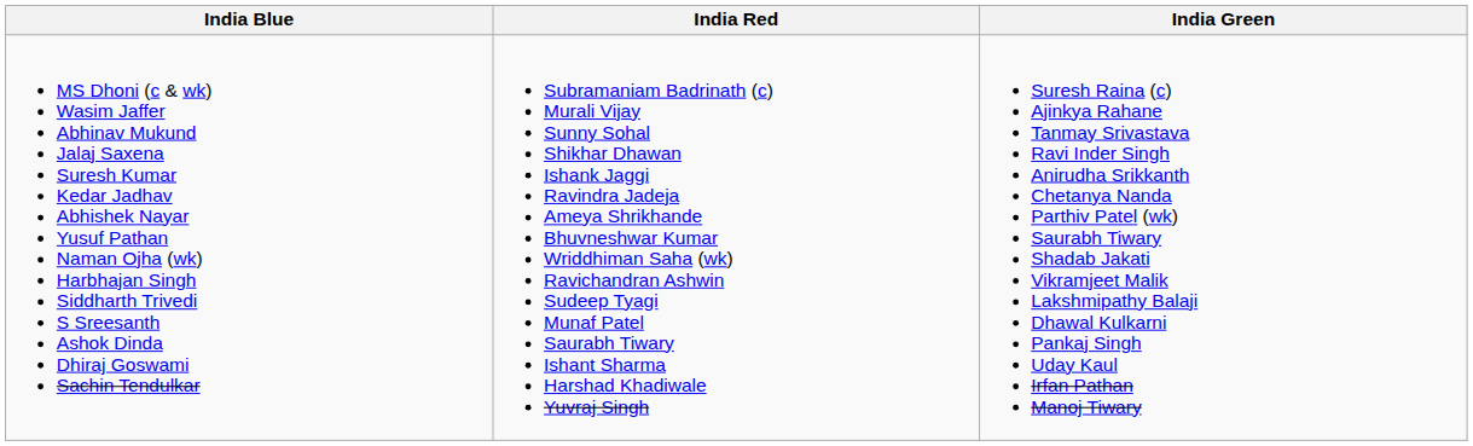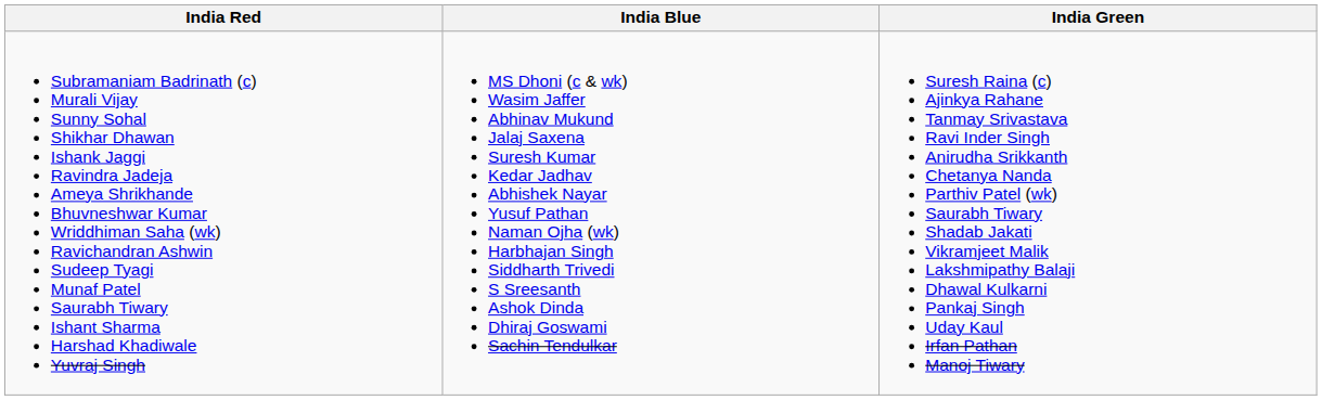 <table class="wikitable">
 <tr>
+<th style="width:15%;"> India Red </th>
 <th style="width:15%;"> India Blue </th>
-<th style="width:15%;"> India Red </th>
 <th style="width:15%;"> India Green </th>
 </tr>
 <tr style="vertical-align:top">
+<td><br><ul><li><a href='#'>Subramaniam Badrinath</a> (<a href='#'>c</a>)</li><li><a href='#'>Murali Vijay</a></li><li><a href='#'>Sunny Sohal</a></li><li><a href='#'>Shikhar Dhawan</a></li><li><a href='#'>Ishank Jaggi</a></li><li><a href='#'>Ravindra Jadeja</a></li><li><a href='#'>Ameya Shrikhande</a></li><li><a href='#'>Bhuvneshwar Kumar</a></li><li><a href='#'>Wriddhiman Saha</a> (<a href='#'>wk</a>)</li><li><a href='#'>Ravichandran Ashwin</a></li><li><a href='#'>Sudeep Tyagi</a></li><li><a href='#'>Munaf Patel</a></li><li><a href='#'>Saurabh Tiwary</a></li><li><a href='#'>Ishant Sharma</a></li><li><a href='#'>Harshad Khadiwale</a></li><li><s><a href='#'>Yuvraj Singh</a></s></li></ul></td>
 <td><br><ul><li><a href='#'>MS Dhoni</a> (<a href='#'>c</a> & <a href='#'>wk</a>)</li><li><a href='#'>Wasim Jaffer</a></li><li><a href='#'>Abhinav Mukund</a></li><li><a href='#'>Jalaj Saxena</a></li><li><a href='#'>Suresh Kumar</a></li><li><a href='#'>Kedar Jadhav</a></li><li><a href='#'>Abhishek Nayar</a></li><li><a href='#'>Yusuf Pathan</a></li><li><a href='#'>Naman Ojha</a> (<a href='#'>wk</a>)</li><li><a href='#'>Harbhajan Singh</a></li><li><a href='#'>Siddharth Trivedi</a></li><li><a href='#'>S Sreesanth</a></li><li><a href='#'>Ashok Dinda</a></li><li><a href='#'>Dhiraj Goswami</a></li><li><s><a href='#'>Sachin Tendulkar</a></s></li></ul></td>
-<td><br><ul><li><a href='#'>Subramaniam Badrinath</a> (<a href='#'>c</a>)</li><li><a href='#'>Murali Vijay</a></li><li><a href='#'>Sunny Sohal</a></li><li><a href='#'>Shikhar Dhawan</a></li><li><a href='#'>Ishank Jaggi</a></li><li><a href='#'>Ravindra Jadeja</a></li><li><a href='#'>Ameya Shrikhande</a></li><li><a href='#'>Bhuvneshwar Kumar</a></li><li><a href='#'>Wriddhiman Saha</a> (<a href='#'>wk</a>)</li><li><a href='#'>Ravichandran Ashwin</a></li><li><a href='#'>Sudeep Tyagi</a></li><li><a href='#'>Munaf Patel</a></li><li><a href='#'>Saurabh Tiwary</a></li><li><a href='#'>Ishant Sharma</a></li><li><a href='#'>Harshad Khadiwale</a></li><li><s><a href='#'>Yuvraj Singh</a></s></li></ul></td>
 <td><br><ul><li><a href='#'>Suresh Raina</a> (<a href='#'>c</a>)</li><li><a href='#'>Ajinkya Rahane</a></li><li><a href='#'>Tanmay Srivastava</a></li><li><a href='#'>Ravi Inder Singh</a></li><li><a href='#'>Anirudha Srikkanth</a></li><li><a href='#'>Chetanya Nanda</a></li><li><a href='#'>Parthiv Patel</a> (<a href='#'>wk</a>)</li><li><a href='#'>Saurabh Tiwary</a></li><li><a href='#'>Shadab Jakati</a></li><li><a href='#'>Vikramjeet Malik</a></li><li><a href='#'>Lakshmipathy Balaji</a></li><li><a href='#'>Dhawal Kulkarni</a></li><li><a href='#'>Pankaj Singh</a></li><li><a href='#'>Uday Kaul</a></li><li><s><a href='#'>Irfan Pathan</a></s></li><li><s><a href='#'>Manoj Tiwary</a></s></li></ul></td>
 </tr>
 </table>
